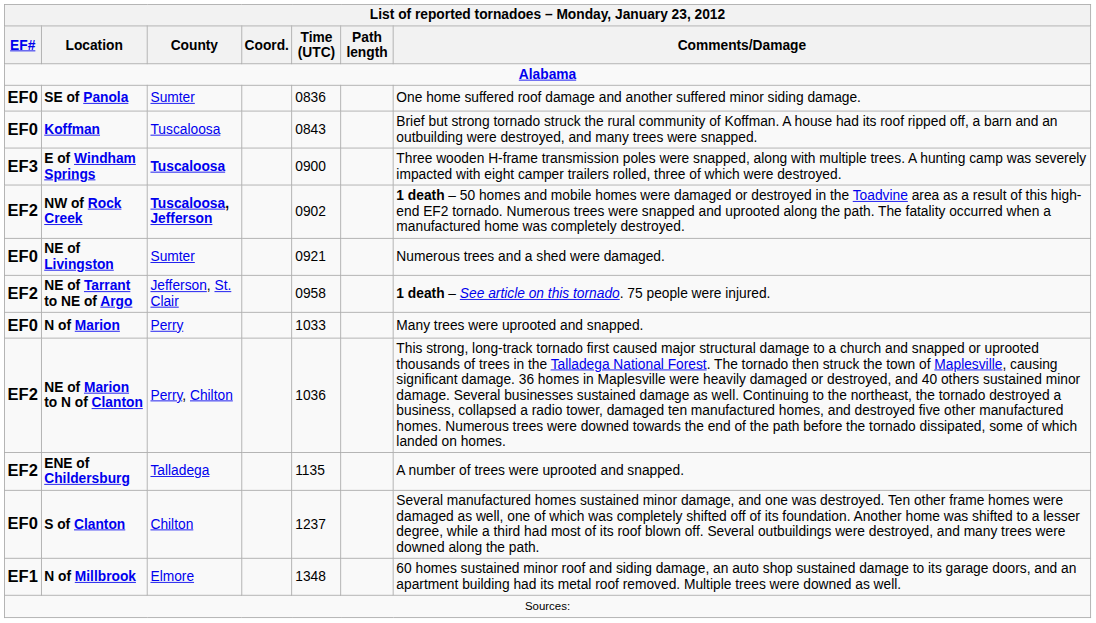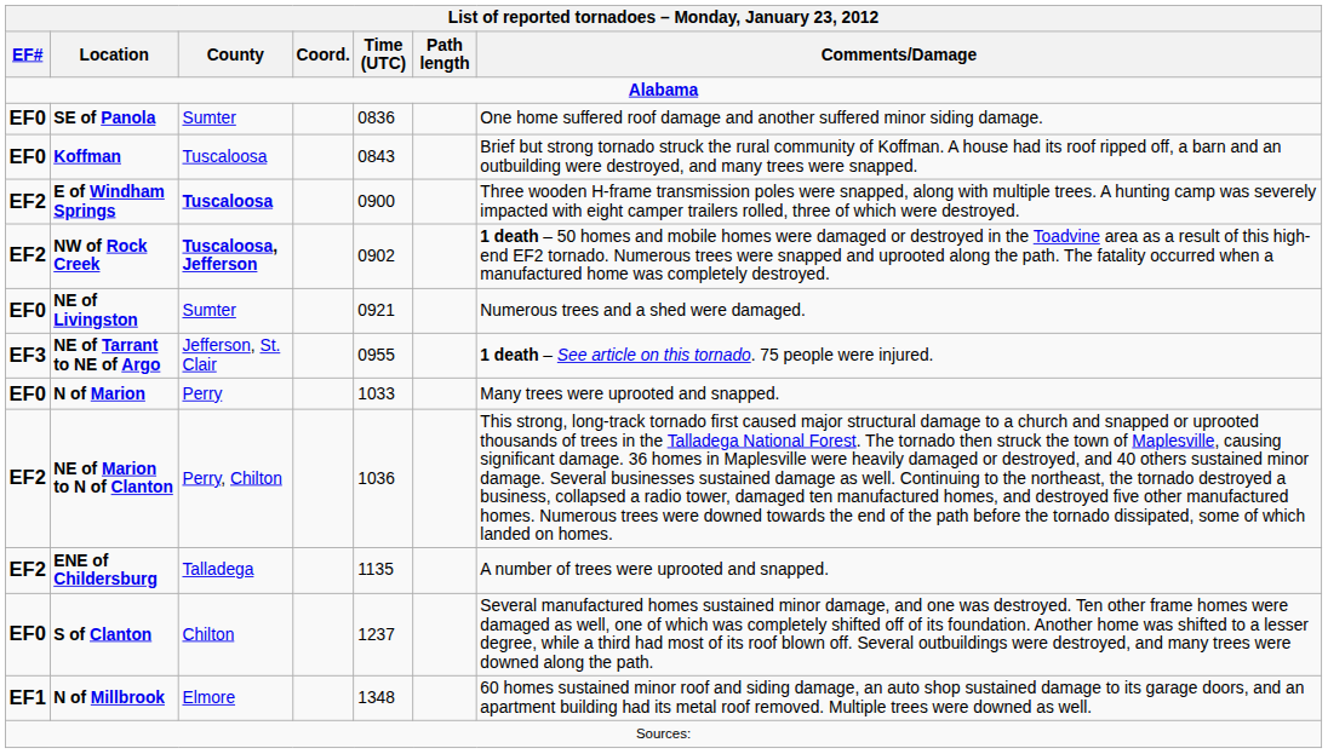 <table class="wikitable collapsible" width="100%">
 <tr>
 <th colspan="7">List of reported tornadoes – Monday, January 23, 2012</th>
 </tr>
 <tr>
 <th><a href='#'>EF#</a></th>
 <th>Location</th>
 <th>County</th>
 <th>Coord.</th>
 <th>Time (UTC)</th>
 <th>Path length</th>
 <th>Comments/Damage</th>
 </tr>
 <tr>
 <td colspan="7" align=center><strong><a href='#'>Alabama</a></strong></td>
 </tr>
 <tr>
 <td><big><strong>EF0</strong></big></td>
 <td><strong>SE of <a href='#'>Panola</a></strong></td>
 <td><a href='#'>Sumter</a></td>
 <td></td>
 <td>0836</td>
 <td></td>
 <td>One home suffered roof damage and another suffered minor siding damage.</td>
 </tr>
 <tr>
 <td><big><strong>EF0</strong></big></td>
 <td><strong><a href='#'>Koffman</a></strong></td>
 <td><a href='#'>Tuscaloosa</a></td>
 <td></td>
 <td>0843</td>
 <td></td>
 <td>Brief but strong tornado struck the rural community of Koffman. A house had its roof ripped off, a barn and an outbuilding were destroyed, and many trees were snapped.</td>
 </tr>
 <tr>
-<td><big><strong>EF3</strong></big></td>
+<td><big><strong>EF2</strong></big></td>
 <td><strong>E of <a href='#'>Windham Springs</a></strong></td>
 <td><strong><a href='#'>Tuscaloosa</a></strong></td>
 <td></td>
 <td>0900</td>
 <td></td>
 <td>Three wooden H-frame transmission poles were snapped, along with multiple trees. A hunting camp was severely impacted with eight camper trailers rolled, three of which were destroyed.</td>
 </tr>
 <tr>
 <td><big><strong>EF2</strong></big></td>
 <td><strong>NW of <a href='#'>Rock Creek</a></strong></td>
 <td><strong><a href='#'>Tuscaloosa</a>, <a href='#'>Jefferson</a></strong></td>
 <td></td>
 <td>0902</td>
 <td></td>
 <td><strong>1 death</strong> – 50 homes and mobile homes were damaged or destroyed in the <a href='#'>Toadvine</a> area as a result of this high-end EF2 tornado. Numerous trees were snapped and uprooted along the path. The fatality occurred when a manufactured home was completely destroyed.</td>
 </tr>
 <tr>
 <td><big><strong>EF0</strong></big></td>
 <td><strong>NE of <a href='#'>Livingston</a></strong></td>
 <td><a href='#'>Sumter</a></td>
 <td></td>
 <td>0921</td>
 <td></td>
 <td>Numerous trees and a shed were damaged.</td>
 </tr>
 <tr>
-<td><big><strong>EF2</strong></big></td>
+<td><big><strong>EF3</strong></big></td>
 <td><strong>NE of <a href='#'>Tarrant</a> to NE of <a href='#'>Argo</a></strong></td>
 <td><a href='#'>Jefferson</a>, <a href='#'>St. Clair</a></td>
 <td></td>
-<td>0958</td>
+<td>0955</td>
 <td></td>
 <td><strong>1 death</strong> – <em><a href='#'>See article on this tornado</a></em>. 75 people were injured.</td>
 </tr>
 <tr>
 <td><big><strong>EF0</strong></big></td>
 <td><strong>N of <a href='#'>Marion</a></strong></td>
 <td><a href='#'>Perry</a></td>
 <td></td>
 <td>1033</td>
 <td></td>
 <td>Many trees were uprooted and snapped.</td>
 </tr>
 <tr>
 <td><big><strong>EF2</strong></big></td>
 <td><strong>NE of <a href='#'>Marion</a> to N of <a href='#'>Clanton</a></strong></td>
 <td><a href='#'>Perry</a>, <a href='#'>Chilton</a></td>
 <td></td>
 <td>1036</td>
 <td></td>
 <td>This strong, long-track tornado first caused major structural damage to a church and snapped or uprooted thousands of trees in the <a href='#'>Talladega National Forest</a>. The tornado then struck the town of <a href='#'>Maplesville</a>, causing significant damage. 36 homes in Maplesville were heavily damaged or destroyed, and 40 others sustained minor damage. Several businesses sustained damage as well. Continuing to the northeast, the tornado destroyed a business, collapsed a radio tower, damaged ten manufactured homes, and destroyed five other manufactured homes. Numerous trees were downed towards the end of the path before the tornado dissipated, some of which landed on homes.</td>
 </tr>
 <tr>
 <td><big><strong>EF2</strong></big></td>
 <td><strong>ENE of <a href='#'>Childersburg</a></strong></td>
 <td><a href='#'>Talladega</a></td>
 <td></td>
 <td>1135</td>
 <td></td>
 <td>A number of trees were uprooted and snapped.</td>
 </tr>
 <tr>
 <td><big><strong>EF0</strong></big></td>
 <td><strong>S of <a href='#'>Clanton</a></strong></td>
 <td><a href='#'>Chilton</a></td>
 <td></td>
 <td>1237</td>
 <td></td>
 <td>Several manufactured homes sustained minor damage, and one was destroyed. Ten other frame homes were damaged as well, one of which was completely shifted off of its foundation. Another home was shifted to a lesser degree, while a third had most of its roof blown off. Several outbuildings were destroyed, and many trees were downed along the path.</td>
 </tr>
 <tr>
 <td><big><strong>EF1</strong></big></td>
 <td><strong>N of <a href='#'>Millbrook</a></strong></td>
 <td><a href='#'>Elmore</a></td>
 <td></td>
 <td>1348</td>
 <td></td>
 <td>60 homes sustained minor roof and siding damage, an auto shop sustained damage to its garage doors, and an apartment building had its metal roof removed. Multiple trees were downed as well.</td>
 </tr>
 <tr>
 <td colspan="7" align=center><small>Sources: </small></td>
 </tr>
 </table>
